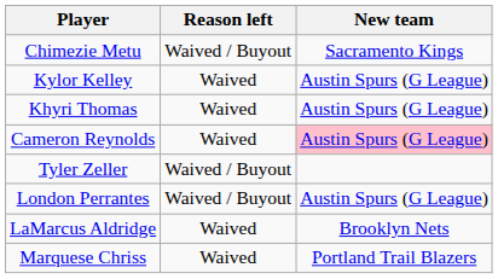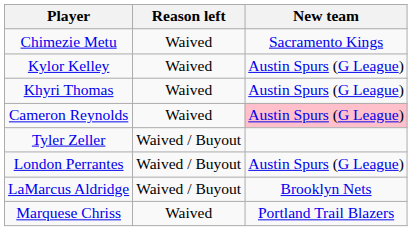 <table class="wikitable sortable sortable" style="text-align: center">
 <tr>
 <th>Player</th>
 <th>Reason left</th>
 <th>New team</th>
 </tr>
 <tr style="text-align: center">
 <td><a href='#'>Chimezie Metu</a></td>
-<td>Waived / Buyout</td>
+<td>Waived</td>
 <td><a href='#'>Sacramento Kings</a></td>
 </tr>
 <tr style="text-align: center">
 <td><a href='#'>Kylor Kelley</a></td>
 <td>Waived</td>
 <td><a href='#'>Austin Spurs</a> (<a href='#'>G League</a>)</td>
 </tr>
 <tr style="text-align: center">
 <td><a href='#'>Khyri Thomas</a></td>
 <td>Waived</td>
 <td><a href='#'>Austin Spurs</a> (<a href='#'>G League</a>)</td>
 </tr>
 <tr style="text-align: center">
 <td><a href='#'>Cameron Reynolds</a></td>
 <td>Waived</td>
 <td style="background: pink;"><a href='#'>Austin Spurs</a> (<a href='#'>G League</a>)</td>
 </tr>
 <tr style="text-align: center">
 <td><a href='#'>Tyler Zeller</a></td>
 <td>Waived / Buyout</td>
 <td></td>
 </tr>
 <tr style="text-align: center">
 <td><a href='#'>London Perrantes</a></td>
 <td>Waived / Buyout</td>
 <td><a href='#'>Austin Spurs</a> (<a href='#'>G League</a>)</td>
 </tr>
 <tr style="text-align: center">
 <td><a href='#'>LaMarcus Aldridge</a></td>
-<td>Waived</td>
+<td>Waived / Buyout</td>
 <td><a href='#'>Brooklyn Nets</a></td>
 </tr>
 <tr style="text-align: center">
 <td><a href='#'>Marquese Chriss</a></td>
 <td>Waived</td>
 <td><a href='#'>Portland Trail Blazers</a></td>
 </tr>
 </table>
